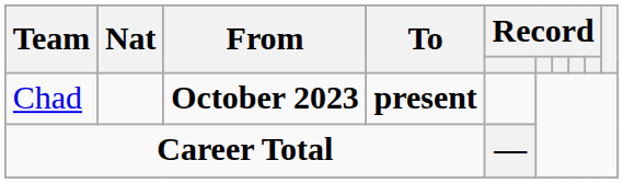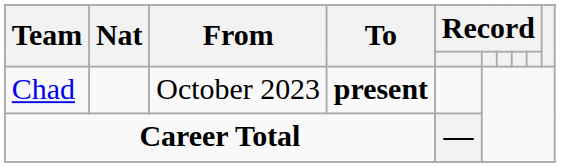 <table class="wikitable" style="text-align: center">
 <tr>
 <th rowspan="2">Team</th>
 <th rowspan="2">Nat</th>
 <th rowspan="2">From</th>
 <th rowspan="2">To</th>
 <th colspan="5">Record</th>
 <th rowspan=2></th>
 </tr>
 <tr>
 <th></th>
 <th></th>
 <th></th>
 <th></th>
 <th></th>
 </tr>
 <tr>
 <td align="left"><a href='#'>Chad</a></td>
 <td align="center"></td>
-<td align="center"><strong>October 2023</strong></td>
+<td align="center">October 2023</td>
 <td align="center"><strong>present<br></strong></td>
 <td></td>
 </tr>
 <tr>
 <td colspan=4><strong>Career Total</strong><br></td>
 <th>—</th>
 </tr>
 </table>
